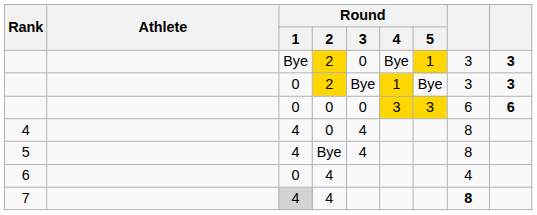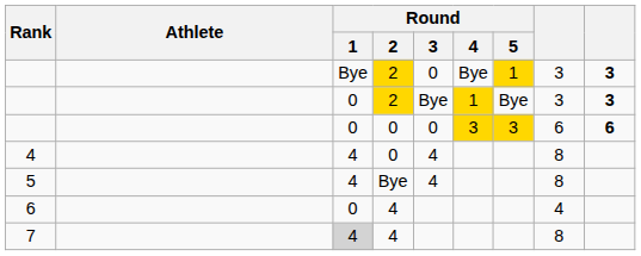 <table class="wikitable" style="text-align: center;">
 <tr>
 <th rowspan="2" width=40>Rank</th>
 <th rowspan="2" width=250>Athlete</th>
 <th colspan="5">Round</th>
 <th rowspan="2" width=40></th>
 <th rowspan="2" width=40></th>
 </tr>
 <tr>
 <th width=30>1</th>
 <th width=30>2</th>
 <th width=30>3</th>
 <th width=30>4</th>
 <th width=30>5</th>
 </tr>
 <tr>
 <td></td>
 <td align="left"></td>
 <td>Bye</td>
 <td bgcolor=gold>2</td>
 <td>0</td>
 <td>Bye</td>
 <td bgcolor=gold>1</td>
 <td>3</td>
 <td><strong>3</strong></td>
 </tr>
 <tr>
 <td></td>
 <td align="left"></td>
 <td>0</td>
 <td bgcolor=gold>2</td>
 <td>Bye</td>
 <td bgcolor=gold>1</td>
 <td>Bye</td>
 <td>3</td>
 <td><strong>3</strong></td>
 </tr>
 <tr>
 <td></td>
 <td align="left"></td>
 <td>0</td>
 <td>0</td>
 <td>0</td>
 <td bgcolor=gold>3</td>
 <td bgcolor=gold>3</td>
 <td>6</td>
 <td><strong>6</strong></td>
 </tr>
 <tr>
 <td>4</td>
 <td align="left"></td>
 <td>4</td>
 <td>0</td>
 <td>4</td>
 <td></td>
 <td></td>
 <td>8</td>
 <td></td>
 </tr>
 <tr>
 <td>5</td>
 <td align="left"></td>
 <td>4</td>
 <td>Bye</td>
 <td>4</td>
 <td></td>
 <td></td>
 <td>8</td>
 <td></td>
 </tr>
 <tr>
 <td>6</td>
 <td align="left"></td>
 <td>0</td>
 <td>4</td>
 <td></td>
 <td></td>
 <td></td>
 <td>4</td>
 <td></td>
 </tr>
 <tr>
 <td>7</td>
 <td align="left"></td>
 <td style="background: lightgrey;">4</td>
 <td>4</td>
 <td></td>
 <td></td>
 <td></td>
-<td><strong>8</strong></td>
+<td>8</td>
 <td></td>
 </tr>
 </table>
